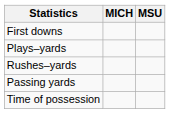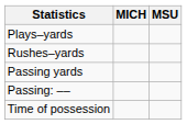 <table class="wikitable" style="float:left">
 <tr>
 <th>Statistics</th>
 <th>MICH</th>
 <th>MSU</th>
-</tr>
-<tr>
-<td>First downs</td>
-<td></td>
-<td></td>
 </tr>
 <tr>
 <td>Plays–yards</td>
 <td></td>
 <td></td>
 </tr>
 <tr>
 <td>Rushes–yards</td>
 <td></td>
 <td></td>
 </tr>
 <tr>
 <td>Passing yards</td>
 <td></td>
 <td></td>
 </tr>
 <tr>
+<td>Passing: ––</td>
+<td></td>
+<td></td>
+</tr>
+<tr>
 <td>Time of possession</td>
 <td></td>
 <td></td>
 </tr>
 </table>
